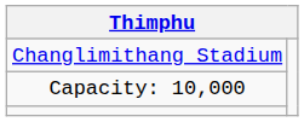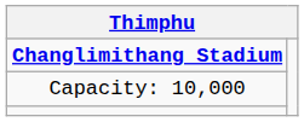 <table class="wikitable" style="text-align:center;margin:1em auto;">
 <tr>
 <th colspan=2><a href='#'>Thimphu</a></th>
 </tr>
 <tr>
-<td><a href='#'>Changlimithang Stadium</a></td>
+<td><strong><a href='#'>Changlimithang Stadium</a></strong></td>
 <td rowspan=3></td>
 </tr>
 <tr>
 <td>Capacity: 10,000</td>
 </tr>
 <tr>
 <td></td>
 </tr>
 </table>
